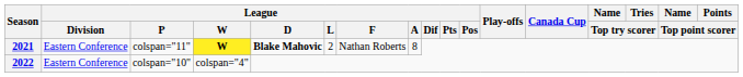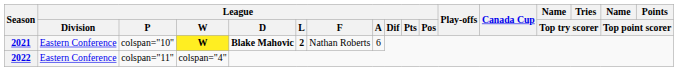 <table class="wikitable" style="text-align: center">
 <tr>
 <th rowspan="2" scope="col">Season</th>
 <th colspan="10" scope="col">League</th>
 <th rowspan="2" scope="col">Play-offs</th>
 <th rowspan="2" scope="col"> <a href='#'>Canada Cup</a></th>
 <th scope="col">Name</th>
 <th scope="col">Tries</th>
 <th scope="col">Name</th>
 <th scope="col">Points</th>
 </tr>
 <tr>
 <th scope="col">Division</th>
 <th scope="col">P</th>
 <th scope="col">W</th>
 <th scope="col">D</th>
 <th scope="col">L</th>
 <th scope="col">F</th>
 <th scope="col">A</th>
 <th scope="col">Dif</th>
 <th scope="col">Pts</th>
 <th scope="col">Pos</th>
 <th colspan="2" scope="col">Top try scorer</th>
 <th colspan="2" scope="col">Top point scorer</th>
 </tr>
 <tr>
 <th scope="row"><a href='#'>2021</a></th>
 <td><a href='#'>Eastern Conference</a></td>
-<td>colspan="11"</td>
+<td>colspan="10"</td>
 <td style="background-color:#FE2"><strong>W</strong></td>
 <td><strong>Blake Mahovic</strong></td>
-<td>2</td>
+<td><strong>2</strong></td>
 <td>Nathan Roberts</td>
-<td>8</td>
+<td>6</td>
 </tr>
 <tr>
 <th scope="row"><a href='#'>2022</a></th>
 <td><a href='#'>Eastern Conference</a></td>
-<td>colspan="10"</td>
+<td>colspan="11"</td>
 <td>colspan="4"</td>
 </tr>
 </table>
